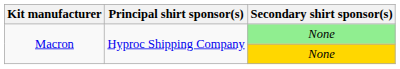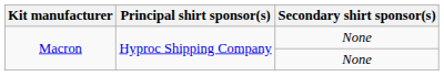 <table class="wikitable" style="text-align: center">
 <tr>
 <th>Kit manufacturer</th>
 <th>Principal shirt sponsor(s)</th>
 <th>Secondary shirt sponsor(s)</th>
 </tr>
 <tr>
 <td rowspan=4> <a href='#'>Macron</a></td>
 <td rowspan=2> <a href='#'>Hyproc Shipping Company</a></td>
-<td rowspan=1 style="background: lightgreen;"><em>None</em></td>
+<td rowspan=1><em>None</em></td>
 </tr>
 <tr>
-<td rowspan=1 style="background: gold;"><em>None</em></td>
+<td rowspan=1><em>None</em></td>
 </tr>
 </table>
